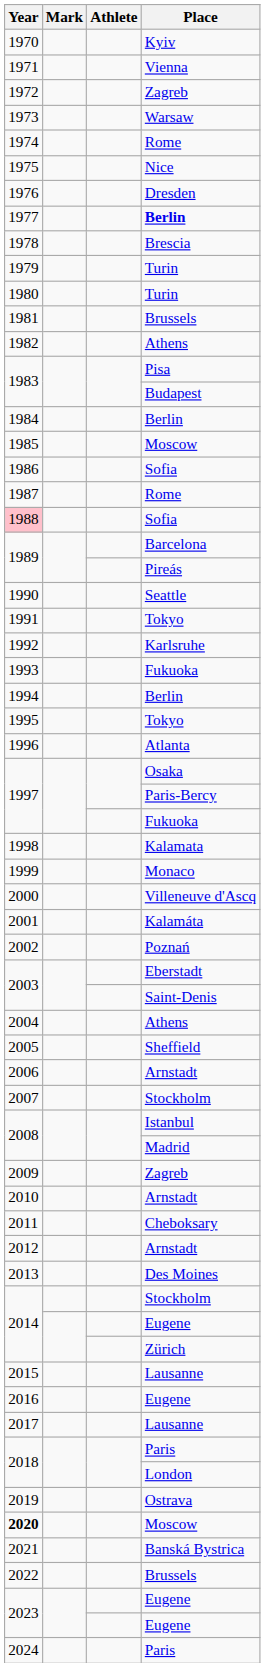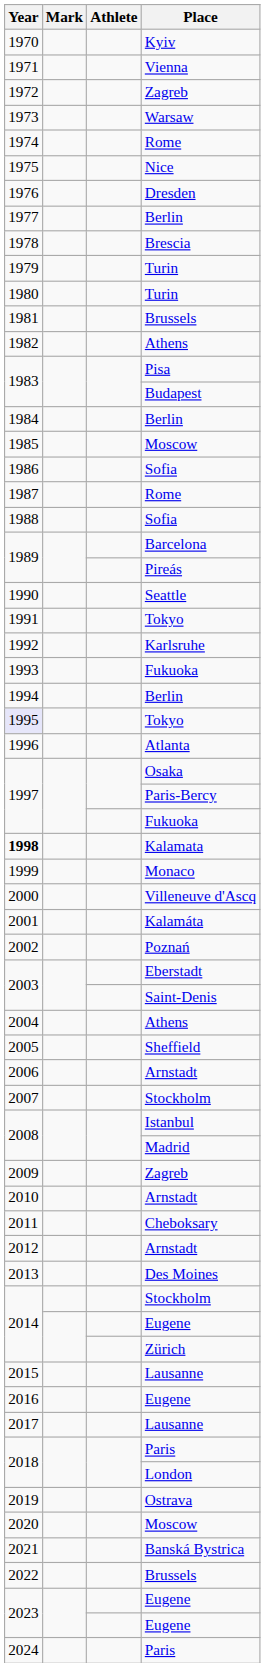 <table class="wikitable sortable" style="font-size:85%;">
 <tr>
 <th>Year</th>
 <th>Mark</th>
 <th>Athlete</th>
 <th>Place</th>
 </tr>
 <tr>
 <td>1970</td>
 <td></td>
 <td></td>
 <td><a href='#'>Kyiv</a></td>
 </tr>
 <tr>
 <td>1971</td>
 <td></td>
 <td></td>
 <td><a href='#'>Vienna</a></td>
 </tr>
 <tr>
 <td>1972</td>
 <td></td>
 <td></td>
 <td><a href='#'>Zagreb</a></td>
 </tr>
 <tr>
 <td>1973</td>
 <td></td>
 <td></td>
 <td><a href='#'>Warsaw</a></td>
 </tr>
 <tr>
 <td>1974</td>
 <td></td>
 <td></td>
 <td><a href='#'>Rome</a></td>
 </tr>
 <tr>
 <td>1975</td>
 <td></td>
 <td></td>
 <td><a href='#'>Nice</a></td>
 </tr>
 <tr>
 <td>1976</td>
 <td></td>
 <td></td>
 <td><a href='#'>Dresden</a></td>
 </tr>
 <tr>
 <td>1977</td>
 <td></td>
 <td></td>
-<td><strong><a href='#'>Berlin</a></strong></td>
+<td><a href='#'>Berlin</a></td>
 </tr>
 <tr>
 <td>1978</td>
 <td></td>
 <td></td>
 <td><a href='#'>Brescia</a></td>
 </tr>
 <tr>
 <td>1979</td>
 <td></td>
 <td></td>
 <td><a href='#'>Turin</a></td>
 </tr>
 <tr>
 <td>1980</td>
 <td></td>
 <td></td>
 <td><a href='#'>Turin</a></td>
 </tr>
 <tr>
 <td>1981</td>
 <td></td>
 <td></td>
 <td><a href='#'>Brussels</a></td>
 </tr>
 <tr>
 <td>1982</td>
 <td></td>
 <td></td>
 <td><a href='#'>Athens</a></td>
 </tr>
 <tr>
 <td rowspan=2>1983</td>
 <td rowspan=2></td>
 <td rowspan=2></td>
 <td><a href='#'>Pisa</a></td>
 </tr>
 <tr>
 <td><a href='#'>Budapest</a></td>
 </tr>
 <tr>
 <td>1984</td>
 <td></td>
 <td></td>
 <td><a href='#'>Berlin</a></td>
 </tr>
 <tr>
 <td>1985</td>
 <td></td>
 <td></td>
 <td><a href='#'>Moscow</a></td>
 </tr>
 <tr>
 <td>1986</td>
 <td></td>
 <td></td>
 <td><a href='#'>Sofia</a></td>
 </tr>
 <tr>
 <td>1987</td>
 <td></td>
 <td></td>
 <td><a href='#'>Rome</a></td>
 </tr>
 <tr>
-<td style="background: pink;">1988</td>
+<td>1988</td>
 <td></td>
 <td></td>
 <td><a href='#'>Sofia</a></td>
 </tr>
 <tr>
 <td rowspan=2>1989</td>
 <td rowspan=2></td>
 <td></td>
 <td><a href='#'>Barcelona</a></td>
 </tr>
 <tr>
 <td></td>
 <td><a href='#'>Pireás</a></td>
 </tr>
 <tr>
 <td>1990</td>
 <td></td>
 <td></td>
 <td><a href='#'>Seattle</a></td>
 </tr>
 <tr>
 <td>1991</td>
 <td></td>
 <td></td>
 <td><a href='#'>Tokyo</a></td>
 </tr>
 <tr>
 <td>1992</td>
 <td> </td>
 <td></td>
 <td><a href='#'>Karlsruhe</a></td>
 </tr>
 <tr>
 <td>1993</td>
 <td></td>
 <td></td>
 <td><a href='#'>Fukuoka</a></td>
 </tr>
 <tr>
 <td>1994</td>
 <td> </td>
 <td></td>
 <td><a href='#'>Berlin</a></td>
 </tr>
 <tr>
-<td>1995</td>
+<td style="background: lavender;">1995</td>
 <td></td>
 <td></td>
 <td><a href='#'>Tokyo</a></td>
 </tr>
 <tr>
 <td>1996</td>
 <td></td>
 <td></td>
 <td><a href='#'>Atlanta</a></td>
 </tr>
 <tr>
 <td rowspan=3>1997</td>
 <td rowspan=3></td>
 <td rowspan=2></td>
 <td><a href='#'>Osaka</a></td>
 </tr>
 <tr>
 <td><a href='#'>Paris-Bercy</a></td>
 </tr>
 <tr>
 <td></td>
 <td><a href='#'>Fukuoka</a></td>
 </tr>
 <tr>
-<td>1998</td>
+<td><strong>1998</strong></td>
 <td></td>
 <td></td>
 <td><a href='#'>Kalamata</a></td>
 </tr>
 <tr>
 <td>1999</td>
 <td></td>
 <td></td>
 <td><a href='#'>Monaco</a></td>
 </tr>
 <tr>
 <td>2000</td>
 <td></td>
 <td></td>
 <td><a href='#'>Villeneuve d'Ascq</a></td>
 </tr>
 <tr>
 <td>2001</td>
 <td></td>
 <td></td>
 <td><a href='#'>Kalamáta</a></td>
 </tr>
 <tr>
 <td>2002</td>
 <td></td>
 <td></td>
 <td><a href='#'>Poznań</a></td>
 </tr>
 <tr>
 <td rowspan=2>2003</td>
 <td rowspan=2></td>
 <td></td>
 <td><a href='#'>Eberstadt</a></td>
 </tr>
 <tr>
 <td></td>
 <td><a href='#'>Saint-Denis</a></td>
 </tr>
 <tr>
 <td>2004</td>
 <td></td>
 <td></td>
 <td><a href='#'>Athens</a></td>
 </tr>
 <tr>
 <td>2005</td>
 <td></td>
 <td></td>
 <td><a href='#'>Sheffield</a></td>
 </tr>
 <tr>
 <td>2006</td>
 <td> </td>
 <td></td>
 <td><a href='#'>Arnstadt</a></td>
 </tr>
 <tr>
 <td>2007</td>
 <td></td>
 <td></td>
 <td><a href='#'>Stockholm</a></td>
 </tr>
 <tr>
 <td rowspan=2>2008</td>
 <td rowspan=2></td>
 <td rowspan=2></td>
 <td><a href='#'>Istanbul</a></td>
 </tr>
 <tr>
 <td><a href='#'>Madrid</a></td>
 </tr>
 <tr>
 <td>2009</td>
 <td></td>
 <td></td>
 <td><a href='#'>Zagreb</a></td>
 </tr>
 <tr>
 <td>2010</td>
 <td> </td>
 <td></td>
 <td><a href='#'>Arnstadt</a></td>
 </tr>
 <tr>
 <td>2011</td>
 <td></td>
 <td></td>
 <td><a href='#'>Cheboksary</a></td>
 </tr>
 <tr>
 <td>2012</td>
 <td> </td>
 <td></td>
 <td><a href='#'>Arnstadt</a></td>
 </tr>
 <tr>
 <td>2013</td>
 <td></td>
 <td></td>
 <td><a href='#'>Des Moines</a></td>
 </tr>
 <tr>
 <td rowspan=3>2014</td>
 <td> </td>
 <td></td>
 <td><a href='#'>Stockholm</a></td>
 </tr>
 <tr>
 <td rowspan=2></td>
 <td></td>
 <td><a href='#'>Eugene</a></td>
 </tr>
 <tr>
 <td></td>
 <td><a href='#'>Zürich</a></td>
 </tr>
 <tr>
 <td>2015</td>
 <td></td>
 <td></td>
 <td><a href='#'>Lausanne</a></td>
 </tr>
 <tr>
 <td>2016</td>
 <td></td>
 <td></td>
 <td><a href='#'>Eugene</a></td>
 </tr>
 <tr>
 <td>2017</td>
 <td></td>
 <td></td>
 <td><a href='#'>Lausanne</a></td>
 </tr>
 <tr>
 <td rowspan=2>2018</td>
 <td rowspan=2></td>
 <td rowspan=2></td>
 <td><a href='#'>Paris</a></td>
 </tr>
 <tr>
 <td><a href='#'>London</a></td>
 </tr>
 <tr>
 <td>2019</td>
 <td></td>
 <td></td>
 <td><a href='#'>Ostrava</a></td>
 </tr>
 <tr>
-<td><strong>2020</strong></td>
+<td>2020</td>
 <td> </td>
 <td></td>
 <td><a href='#'>Moscow</a></td>
 </tr>
 <tr>
 <td>2021</td>
 <td> </td>
 <td></td>
 <td><a href='#'>Banská Bystrica</a></td>
 </tr>
 <tr>
 <td>2022</td>
 <td></td>
 <td></td>
 <td><a href='#'>Brussels</a></td>
 </tr>
 <tr>
 <td rowspan=2>2023</td>
 <td rowspan=2></td>
 <td></td>
 <td><a href='#'>Eugene</a></td>
 </tr>
 <tr>
 <td></td>
 <td><a href='#'>Eugene</a></td>
 </tr>
 <tr>
 <td>2024</td>
 <td></td>
 <td></td>
 <td><a href='#'>Paris</a></td>
 </tr>
 </table>
